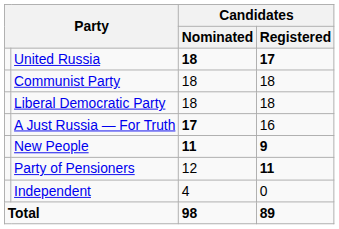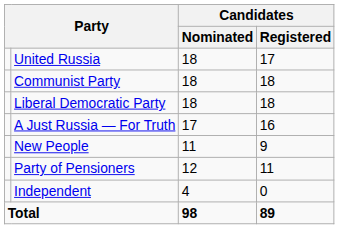 <table class="wikitable sortable" style="background: #f9f9f9; text-align:left; font-size: 95%">
 <tr>
 <th align=center rowspan=2 colspan=2>Party</th>
 <th align=center colspan=2>Candidates</th>
 </tr>
 <tr>
 <th align=center>Nominated</th>
 <th align=center>Registered</th>
 </tr>
 <tr>
 <td></td>
 <td><a href='#'>United Russia</a></td>
-<td><strong>18</strong></td>
-<td><strong>17</strong></td>
+<td>18</td>
+<td>17</td>
 </tr>
 <tr>
 <td></td>
 <td><a href='#'>Communist Party</a></td>
 <td>18</td>
 <td>18</td>
 </tr>
 <tr>
 <td></td>
 <td><a href='#'>Liberal Democratic Party</a></td>
 <td>18</td>
 <td>18</td>
 </tr>
 <tr>
 <td></td>
 <td><a href='#'>A Just Russia — For Truth</a></td>
-<td><strong>17</strong></td>
+<td>17</td>
 <td>16</td>
 </tr>
 <tr>
 <td></td>
 <td><a href='#'>New People</a></td>
-<td><strong>11</strong></td>
-<td><strong>9</strong></td>
+<td>11</td>
+<td>9</td>
 </tr>
 <tr>
 <td></td>
 <td><a href='#'>Party of Pensioners</a></td>
 <td>12</td>
-<td><strong>11</strong></td>
+<td>11</td>
 </tr>
 <tr>
 <td></td>
 <td><a href='#'>Independent</a></td>
 <td>4</td>
 <td>0</td>
 </tr>
 <tr>
 <td colspan=2><strong>Total</strong></td>
 <td><strong>98</strong></td>
 <td><strong>89</strong></td>
 </tr>
 </table>
